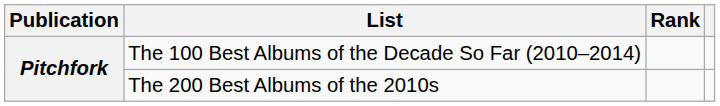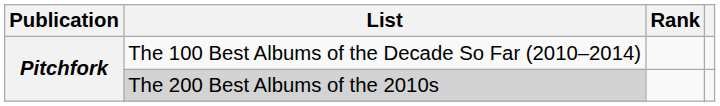 <table class="sortable wikitable plainrowheaders">
 <tr>
 <th scope="col">Publication</th>
 <th scope="col">List</th>
 <th scope="col">Rank</th>
 <th scope="col" class="unsortable"></th>
 </tr>
 <tr>
 <th scope="row" rowspan="2"><em>Pitchfork</em></th>
 <td>The 100 Best Albums of the Decade So Far (2010–2014)</td>
 <td></td>
 <td></td>
 </tr>
 <tr>
-<td>The 200 Best Albums of the 2010s</td>
+<td style="background: lightgrey;">The 200 Best Albums of the 2010s</td>
 <td></td>
 <td></td>
 </tr>
 </table>
